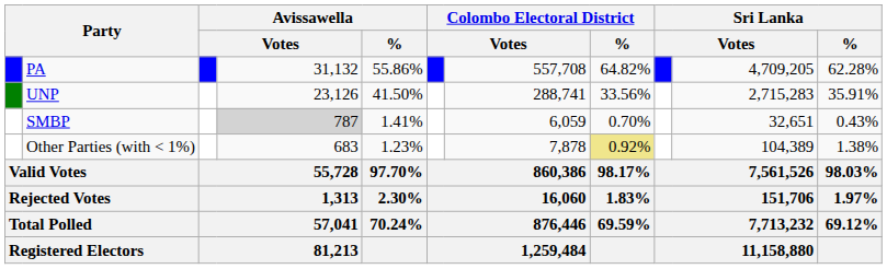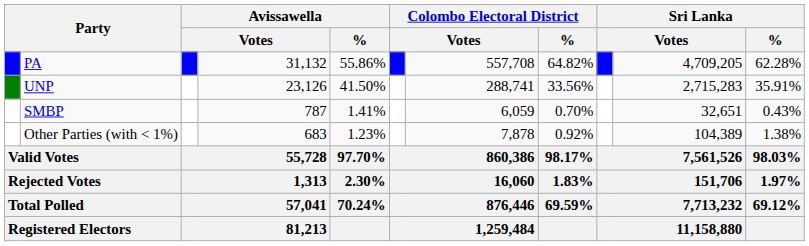 <table class="wikitable">
 <tr>
 <th colspan="2" width="144px"rowspan="2">Party</th>
 <th colspan="3" width="216px">Avissawella</th>
 <th colspan="3" width="216px"><a href='#'>Colombo Electoral District</a></th>
 <th colspan="3" width="216px">Sri Lanka</th>
 </tr>
 <tr>
 <th colspan="2" width="144px">Votes</th>
 <th>%</th>
 <th colspan="2" width="144px">Votes</th>
 <th>%</th>
 <th colspan="2" width="144px">Votes</th>
 <th>%</th>
 </tr>
 <tr>
 <td style="background-color:blue;" width="10px"></td>
 <td style="text-align:left;"><a href='#'>PA</a></td>
 <td style="background-color:blue;" width="10px"></td>
 <td style="text-align:right;">31,132</td>
 <td style="text-align:right;">55.86%</td>
 <td style="background-color:blue;" width="10px"></td>
 <td style="text-align:right;">557,708</td>
 <td style="text-align:right;">64.82%</td>
 <td style="background-color:blue;" width="10px"></td>
 <td style="text-align:right;">4,709,205</td>
 <td style="text-align:right;">62.28%</td>
 </tr>
 <tr>
 <td style="background-color:green;" width="10px"></td>
 <td style="text-align:left;"><a href='#'>UNP</a></td>
 <td style="background-color:white;" width="10px"></td>
 <td style="text-align:right;">23,126</td>
 <td style="text-align:right;">41.50%</td>
 <td style="background-color:white;" width="10px"></td>
 <td style="text-align:right;">288,741</td>
 <td style="text-align:right;">33.56%</td>
 <td style="background-color:white;" width="10px"></td>
 <td style="text-align:right;">2,715,283</td>
 <td style="text-align:right;">35.91%</td>
 </tr>
 <tr>
 <td style="background-color:white;" width="10px"></td>
 <td style="text-align:left;"><a href='#'>SMBP</a></td>
 <td style="background-color:white;" width="10px"></td>
-<td style="background: lightgrey; text-align:right;">787</td>
+<td style="text-align:right;">787</td>
 <td style="text-align:right;">1.41%</td>
 <td style="background-color:white;" width="10px"></td>
 <td style="text-align:right;">6,059</td>
 <td style="text-align:right;">0.70%</td>
 <td style="background-color:white;" width="10px"></td>
 <td style="text-align:right;">32,651</td>
 <td style="text-align:right;">0.43%</td>
 </tr>
 <tr>
 <td style="background-color:white;" width="10px"></td>
 <td style="text-align:left;">Other Parties (with < 1%)</td>
 <td style="background-color:white;" width="10px"></td>
 <td style="text-align:right;">683</td>
 <td style="text-align:right;">1.23%</td>
 <td style="background-color:white;" width="10px"></td>
 <td style="text-align:right;">7,878</td>
-<td style="background: khaki; text-align:right;">0.92%</td>
+<td style="text-align:right;">0.92%</td>
 <td style="background-color:white;" width="10px"></td>
 <td style="text-align:right;">104,389</td>
 <td style="text-align:right;">1.38%</td>
 </tr>
 <tr>
 <th colspan="2" width="144px"style="text-align:left;">Valid Votes</th>
 <th style="text-align:right;"colspan="2" width="144px">55,728</th>
 <th style="text-align:right;">97.70%</th>
 <th style="text-align:right;"colspan="2" width="144px">860,386</th>
 <th style="text-align:right;">98.17%</th>
 <th style="text-align:right;"colspan="2" width="144px">7,561,526</th>
 <th style="text-align:right;">98.03%</th>
 </tr>
 <tr>
 <th colspan="2" width="144px"style="text-align:left;">Rejected Votes</th>
 <th style="text-align:right;"colspan="2" width="144px">1,313</th>
 <th style="text-align:right;">2.30%</th>
 <th style="text-align:right;"colspan="2" width="144px">16,060</th>
 <th style="text-align:right;">1.83%</th>
 <th style="text-align:right;"colspan="2" width="144px">151,706</th>
 <th style="text-align:right;">1.97%</th>
 </tr>
 <tr>
 <th colspan="2" width="144px"style="text-align:left;">Total Polled</th>
 <th style="text-align:right;"colspan="2" width="144px">57,041</th>
 <th style="text-align:right;">70.24%</th>
 <th style="text-align:right;"colspan="2" width="144px">876,446</th>
 <th style="text-align:right;">69.59%</th>
 <th style="text-align:right;"colspan="2" width="144px">7,713,232</th>
 <th style="text-align:right;">69.12%</th>
 </tr>
 <tr>
 <th colspan="2" width="144px"style="text-align:left;">Registered Electors</th>
 <th style="text-align:right;"colspan="2" width="144px">81,213</th>
 <th></th>
 <th style="text-align:right;"colspan="2" width="144px">1,259,484</th>
 <th></th>
 <th style="text-align:right;"colspan="2" width="144px">11,158,880</th>
 <th></th>
 </tr>
 </table>
